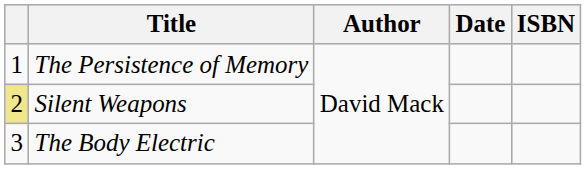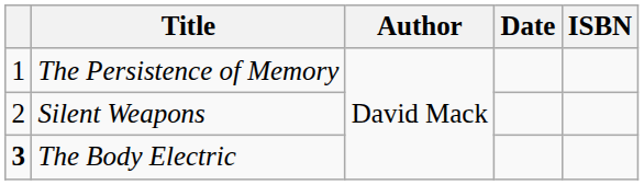 <table class="wikitable">
 <tr>
 <th></th>
 <th>Title</th>
 <th>Author</th>
 <th>Date</th>
 <th>ISBN</th>
 </tr>
 <tr>
 <td>1</td>
 <td><em>The Persistence of Memory</em></td>
 <td rowspan="3">David Mack</td>
 <td></td>
 <td></td>
 </tr>
 <tr>
-<td style="background: khaki;">2</td>
+<td>2</td>
 <td><em>Silent Weapons</em></td>
 <td></td>
 <td></td>
 </tr>
 <tr>
-<td>3</td>
+<td><strong>3</strong></td>
 <td><em>The Body Electric</em></td>
 <td></td>
 <td></td>
 </tr>
 </table>
